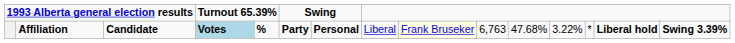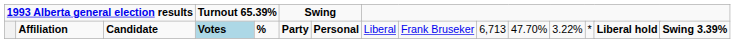 <table class="wikitable">
 <tr>
 <td colspan="3" align=center><strong><a href='#'>1993 Alberta general election</a> results</strong></td>
 <td colspan="2"><strong>Turnout 65.39%</strong></td>
 <td colspan="2" align=center><strong>Swing</strong></td>
 </tr>
 <tr>
 <th style="width: 10px;"></th>
 <td><strong>Affiliation</strong></td>
 <td><strong>Candidate</strong></td>
 <td style="background: lightblue;"><strong>Votes</strong></td>
 <td><strong>%</strong></td>
 <td><strong>Party</strong></td>
 <td><strong>Personal</strong><br></td>
 <td><a href='#'>Liberal</a></td>
-<td style="background: lightyellow;"><a href='#'>Frank Bruseker</a></td>
-<td>6,763</td>
-<td>47.68%</td>
+<td><a href='#'>Frank Bruseker</a></td>
+<td>6,713</td>
+<td>47.70%</td>
 <td colspan=2 align=center>3.22%<br>   </td>
 <td colspan=2 align=center>*<br>   </td>
 <td colspan=4><strong>Liberal hold</strong></td>
 <td colspan=2><strong>Swing 3.39%</strong></td>
 </tr>
 </table>
